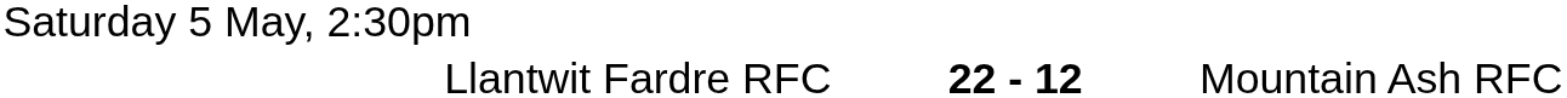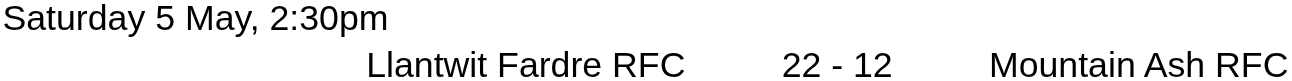 <table style="width:70%;" cellspacing="1">
 <tr>
 <th width=35%></th>
 <th width=15%></th>
 <th></th>
 </tr>
 <tr>
 <td>Saturday 5 May, 2:30pm</td>
 </tr>
 <tr>
 <td align=right>Llantwit Fardre RFC</td>
-<td align=center><strong>22 - 12</strong></td>
+<td align=center>22 - 12</td>
 <td>Mountain Ash RFC</td>
 </tr>
 </table>
